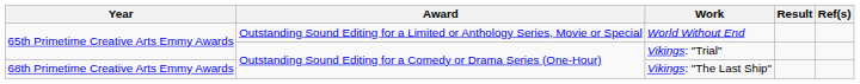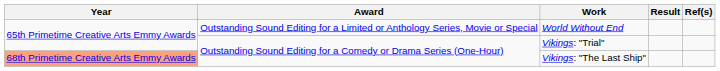 <table class="wikitable plainrowheaders sortable">
 <tr>
 <th>Year</th>
 <th>Award</th>
 <th>Work</th>
 <th>Result</th>
 <th>Ref(s)</th>
 </tr>
 <tr>
 <td rowspan=2><a href='#'>65th Primetime Creative Arts Emmy Awards</a></td>
 <td><a href='#'>Outstanding Sound Editing for a Limited or Anthology Series, Movie or Special</a></td>
 <td><em><a href='#'>World Without End</a></em></td>
 <td></td>
 <td></td>
 </tr>
 <tr>
 <td rowspan=2><a href='#'>Outstanding Sound Editing for a Comedy or Drama Series (One-Hour)</a></td>
 <td><em><a href='#'>Vikings</a></em>: "Trial"</td>
 <td></td>
 <td></td>
 </tr>
 <tr>
-<td><a href='#'>68th Primetime Creative Arts Emmy Awards</a></td>
+<td style="background: lightsalmon;"><a href='#'>68th Primetime Creative Arts Emmy Awards</a></td>
 <td><em><a href='#'>Vikings</a></em>: "The Last Ship"</td>
 <td></td>
 <td></td>
 </tr>
 </table>
